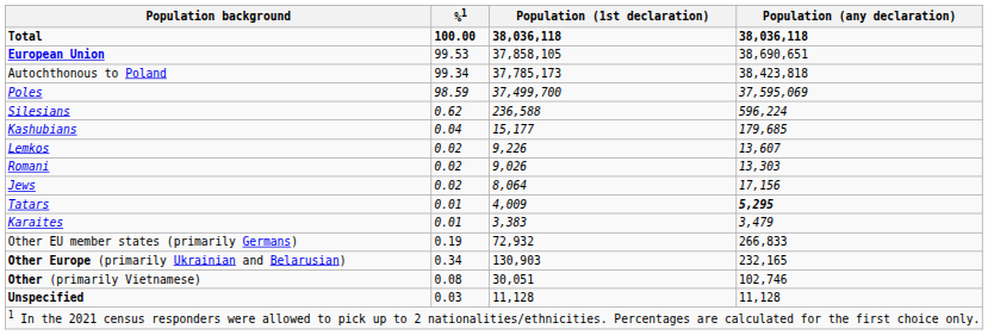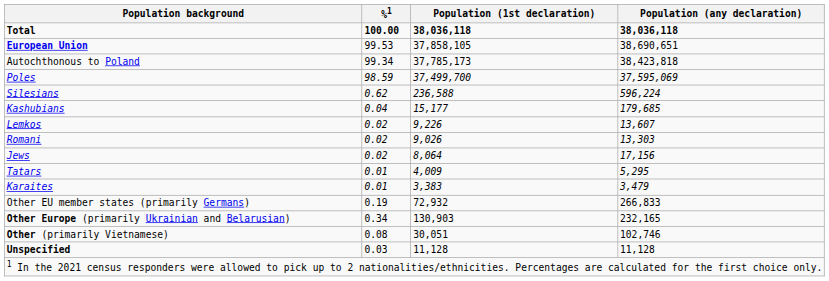 <table class="wikitable sortable">
 <tr>
 <th>Population background</th>
 <th>%<sup>1</sup></th>
 <th>Population (1st declaration)</th>
 <th>Population (any declaration)</th>
 </tr>
 <tr>
 <td><strong>Total</strong></td>
 <td><strong>100.00</strong></td>
 <td><strong>38,036,118</strong></td>
 <td><strong>38,036,118</strong></td>
 </tr>
 <tr>
 <td><strong><a href='#'>European Union</a></strong></td>
 <td>99.53</td>
 <td>37,858,105</td>
 <td>38,690,651</td>
 </tr>
 <tr>
 <td>Autochthonous to <a href='#'>Poland</a></td>
 <td>99.34</td>
 <td>37,785,173</td>
 <td>38,423,818</td>
 </tr>
 <tr>
 <td><em>       <a href='#'>Poles</a></em></td>
 <td><em>98.59</em></td>
 <td><em>37,499,700</em></td>
 <td><em>37,595,069</em></td>
 </tr>
 <tr>
 <td><em>       <a href='#'>Silesians</a></em></td>
 <td><em>0.62</em></td>
 <td><em>236,588</em></td>
 <td><em>596,224</em></td>
 </tr>
 <tr>
 <td><em>       <a href='#'>Kashubians</a></em></td>
 <td><em>0.04</em></td>
 <td><em>15,177</em></td>
 <td><em>179,685</em></td>
 </tr>
 <tr>
 <td><em>       <a href='#'>Lemkos</a></em></td>
 <td><em>0.02</em></td>
 <td><em>9,226</em></td>
 <td><em>13,607</em></td>
 </tr>
 <tr>
 <td><em>       <a href='#'>Romani</a></em></td>
 <td><em>0.02</em></td>
 <td><em>9,026</em></td>
 <td><em>13,303</em></td>
 </tr>
 <tr>
 <td><em>       <a href='#'>Jews</a></em></td>
 <td><em>0.02</em></td>
 <td><em>8,064</em></td>
 <td><em>17,156</em></td>
 </tr>
 <tr>
 <td><em>       <a href='#'>Tatars</a></em></td>
 <td><em>0.01</em></td>
 <td><em>4,009</em></td>
-<td><strong><em>5,295</em></strong></td>
+<td><em>5,295</em></td>
 </tr>
 <tr>
 <td><em>       <a href='#'>Karaites</a></em></td>
 <td><em>0.01</em></td>
 <td><em>3,383</em></td>
 <td><em>3,479</em></td>
 </tr>
 <tr>
 <td>Other EU member states (primarily <a href='#'>Germans</a>)</td>
 <td>0.19</td>
 <td>72,932</td>
 <td>266,833</td>
 </tr>
 <tr>
 <td><strong>Other Europe</strong> (primarily <a href='#'>Ukrainian</a> and <a href='#'>Belarusian</a>)</td>
 <td>0.34</td>
 <td>130,903</td>
 <td>232,165</td>
 </tr>
 <tr>
 <td><strong>Other</strong> (primarily Vietnamese)</td>
 <td>0.08</td>
 <td>30,051</td>
 <td>102,746</td>
 </tr>
 <tr>
 <td><strong>Unspecified</strong></td>
 <td>0.03</td>
 <td>11,128</td>
 <td>11,128</td>
 </tr>
 <tr>
 <td colspan="4"><sup>1</sup> In the 2021 census responders were allowed to pick up to 2 nationalities/ethnicities. Percentages are calculated for the first choice only.</td>
 </tr>
 </table>
